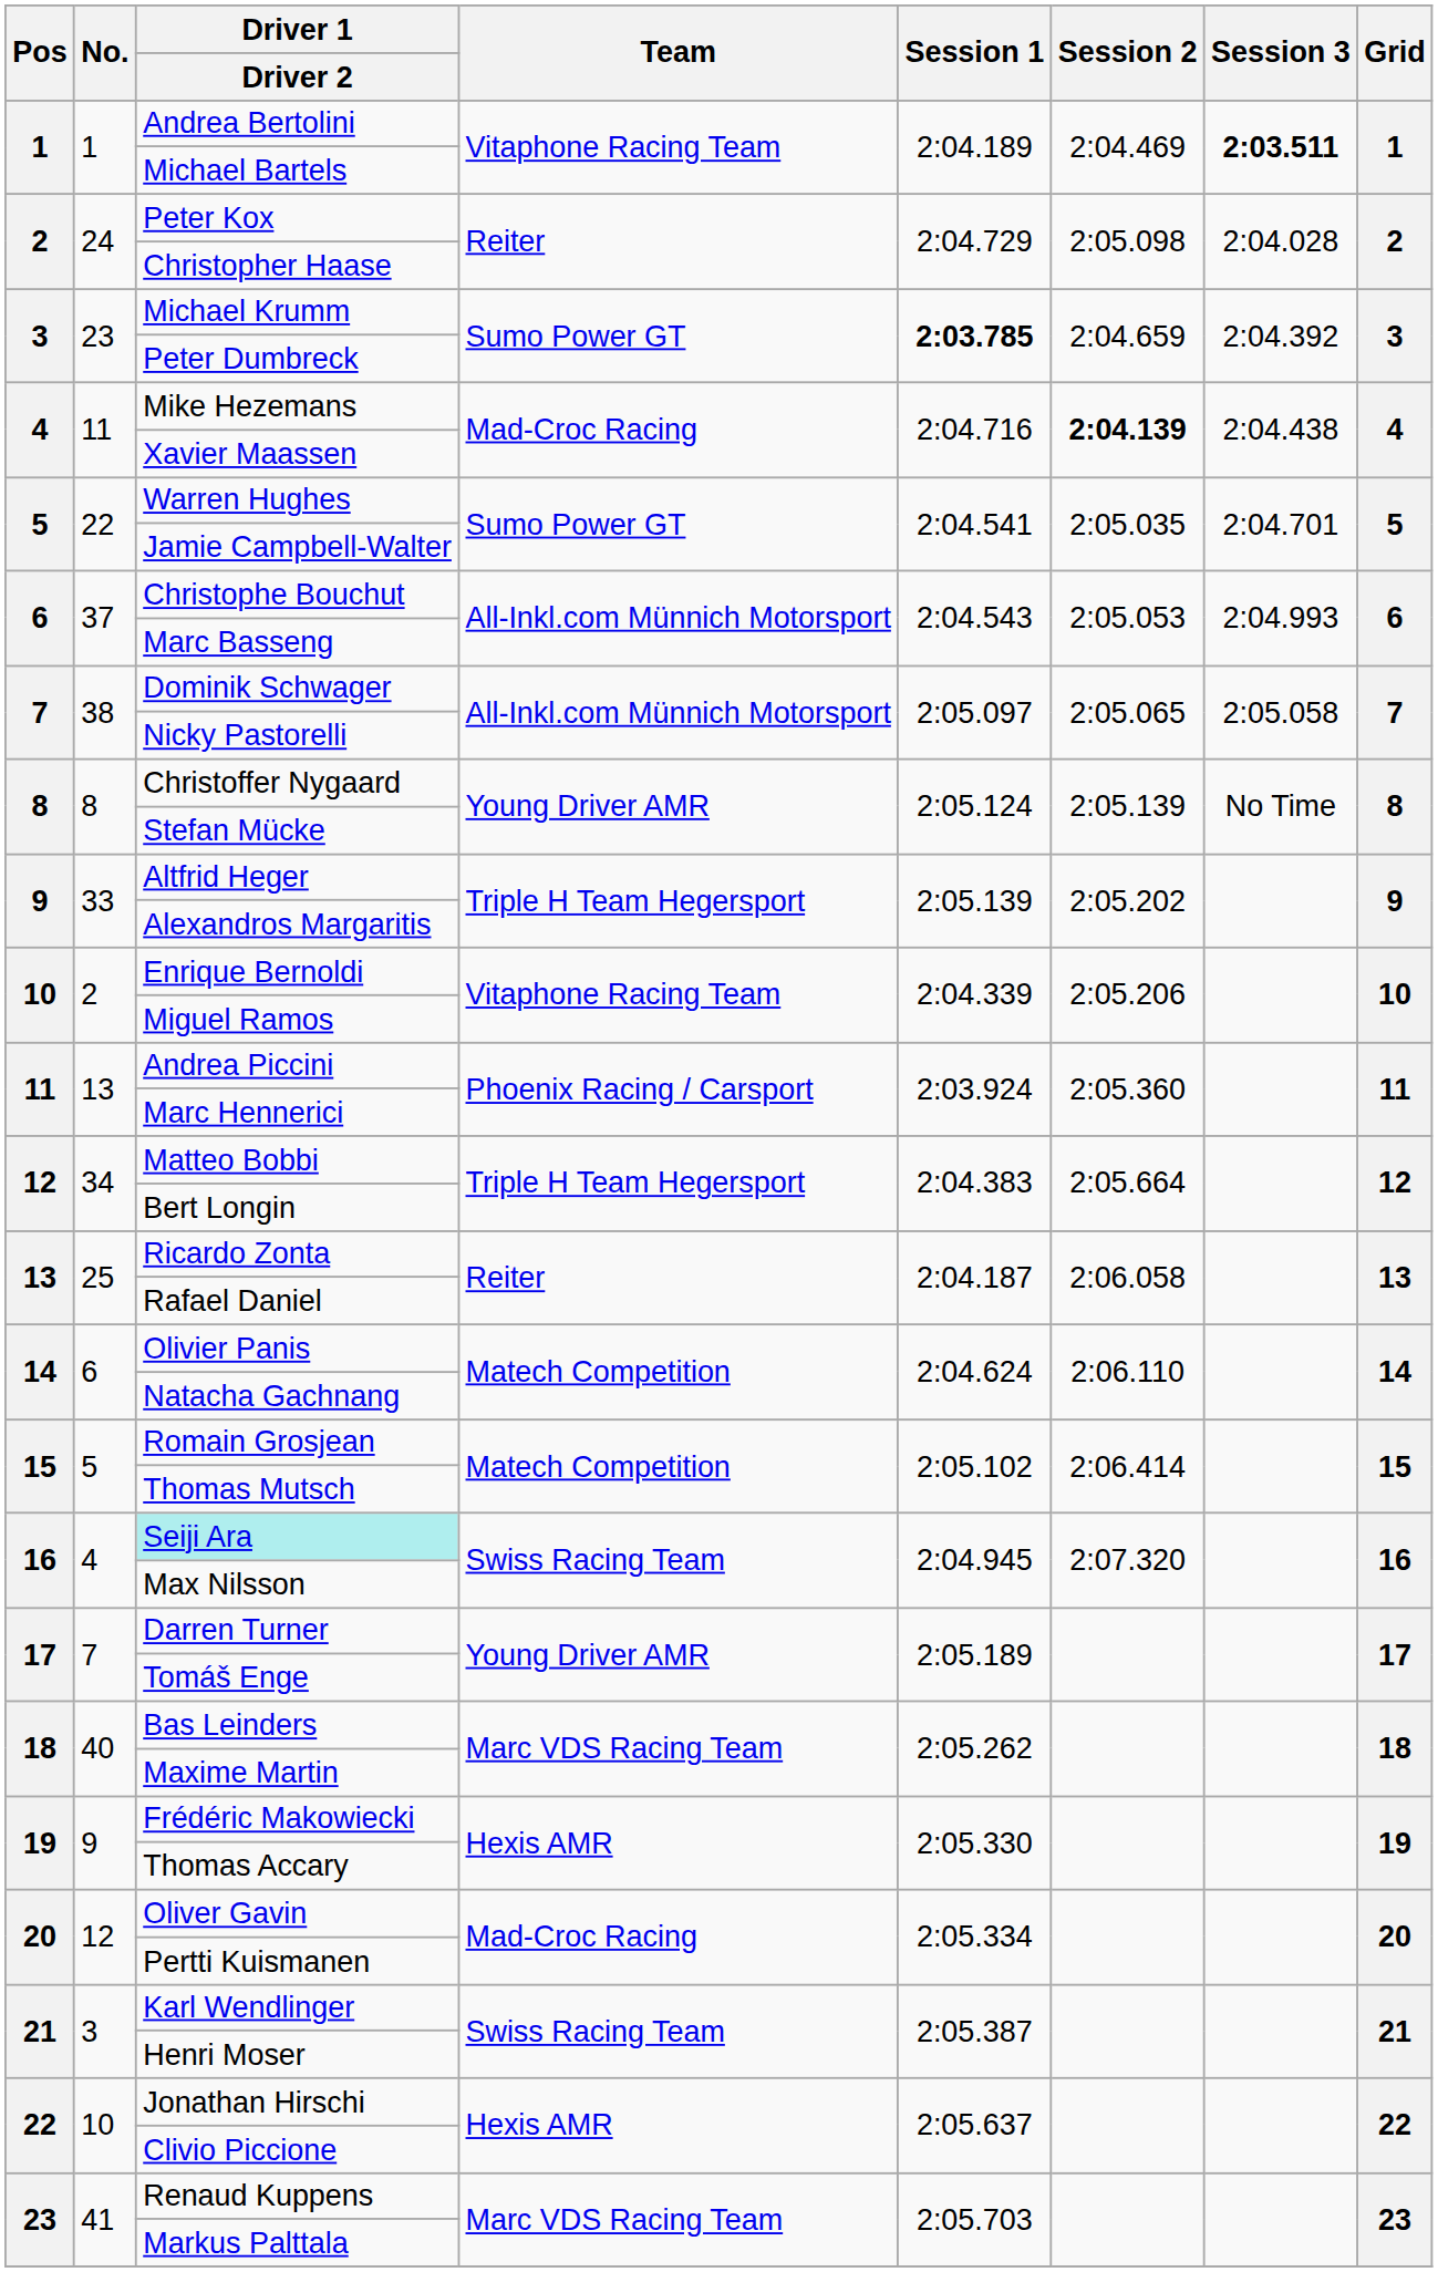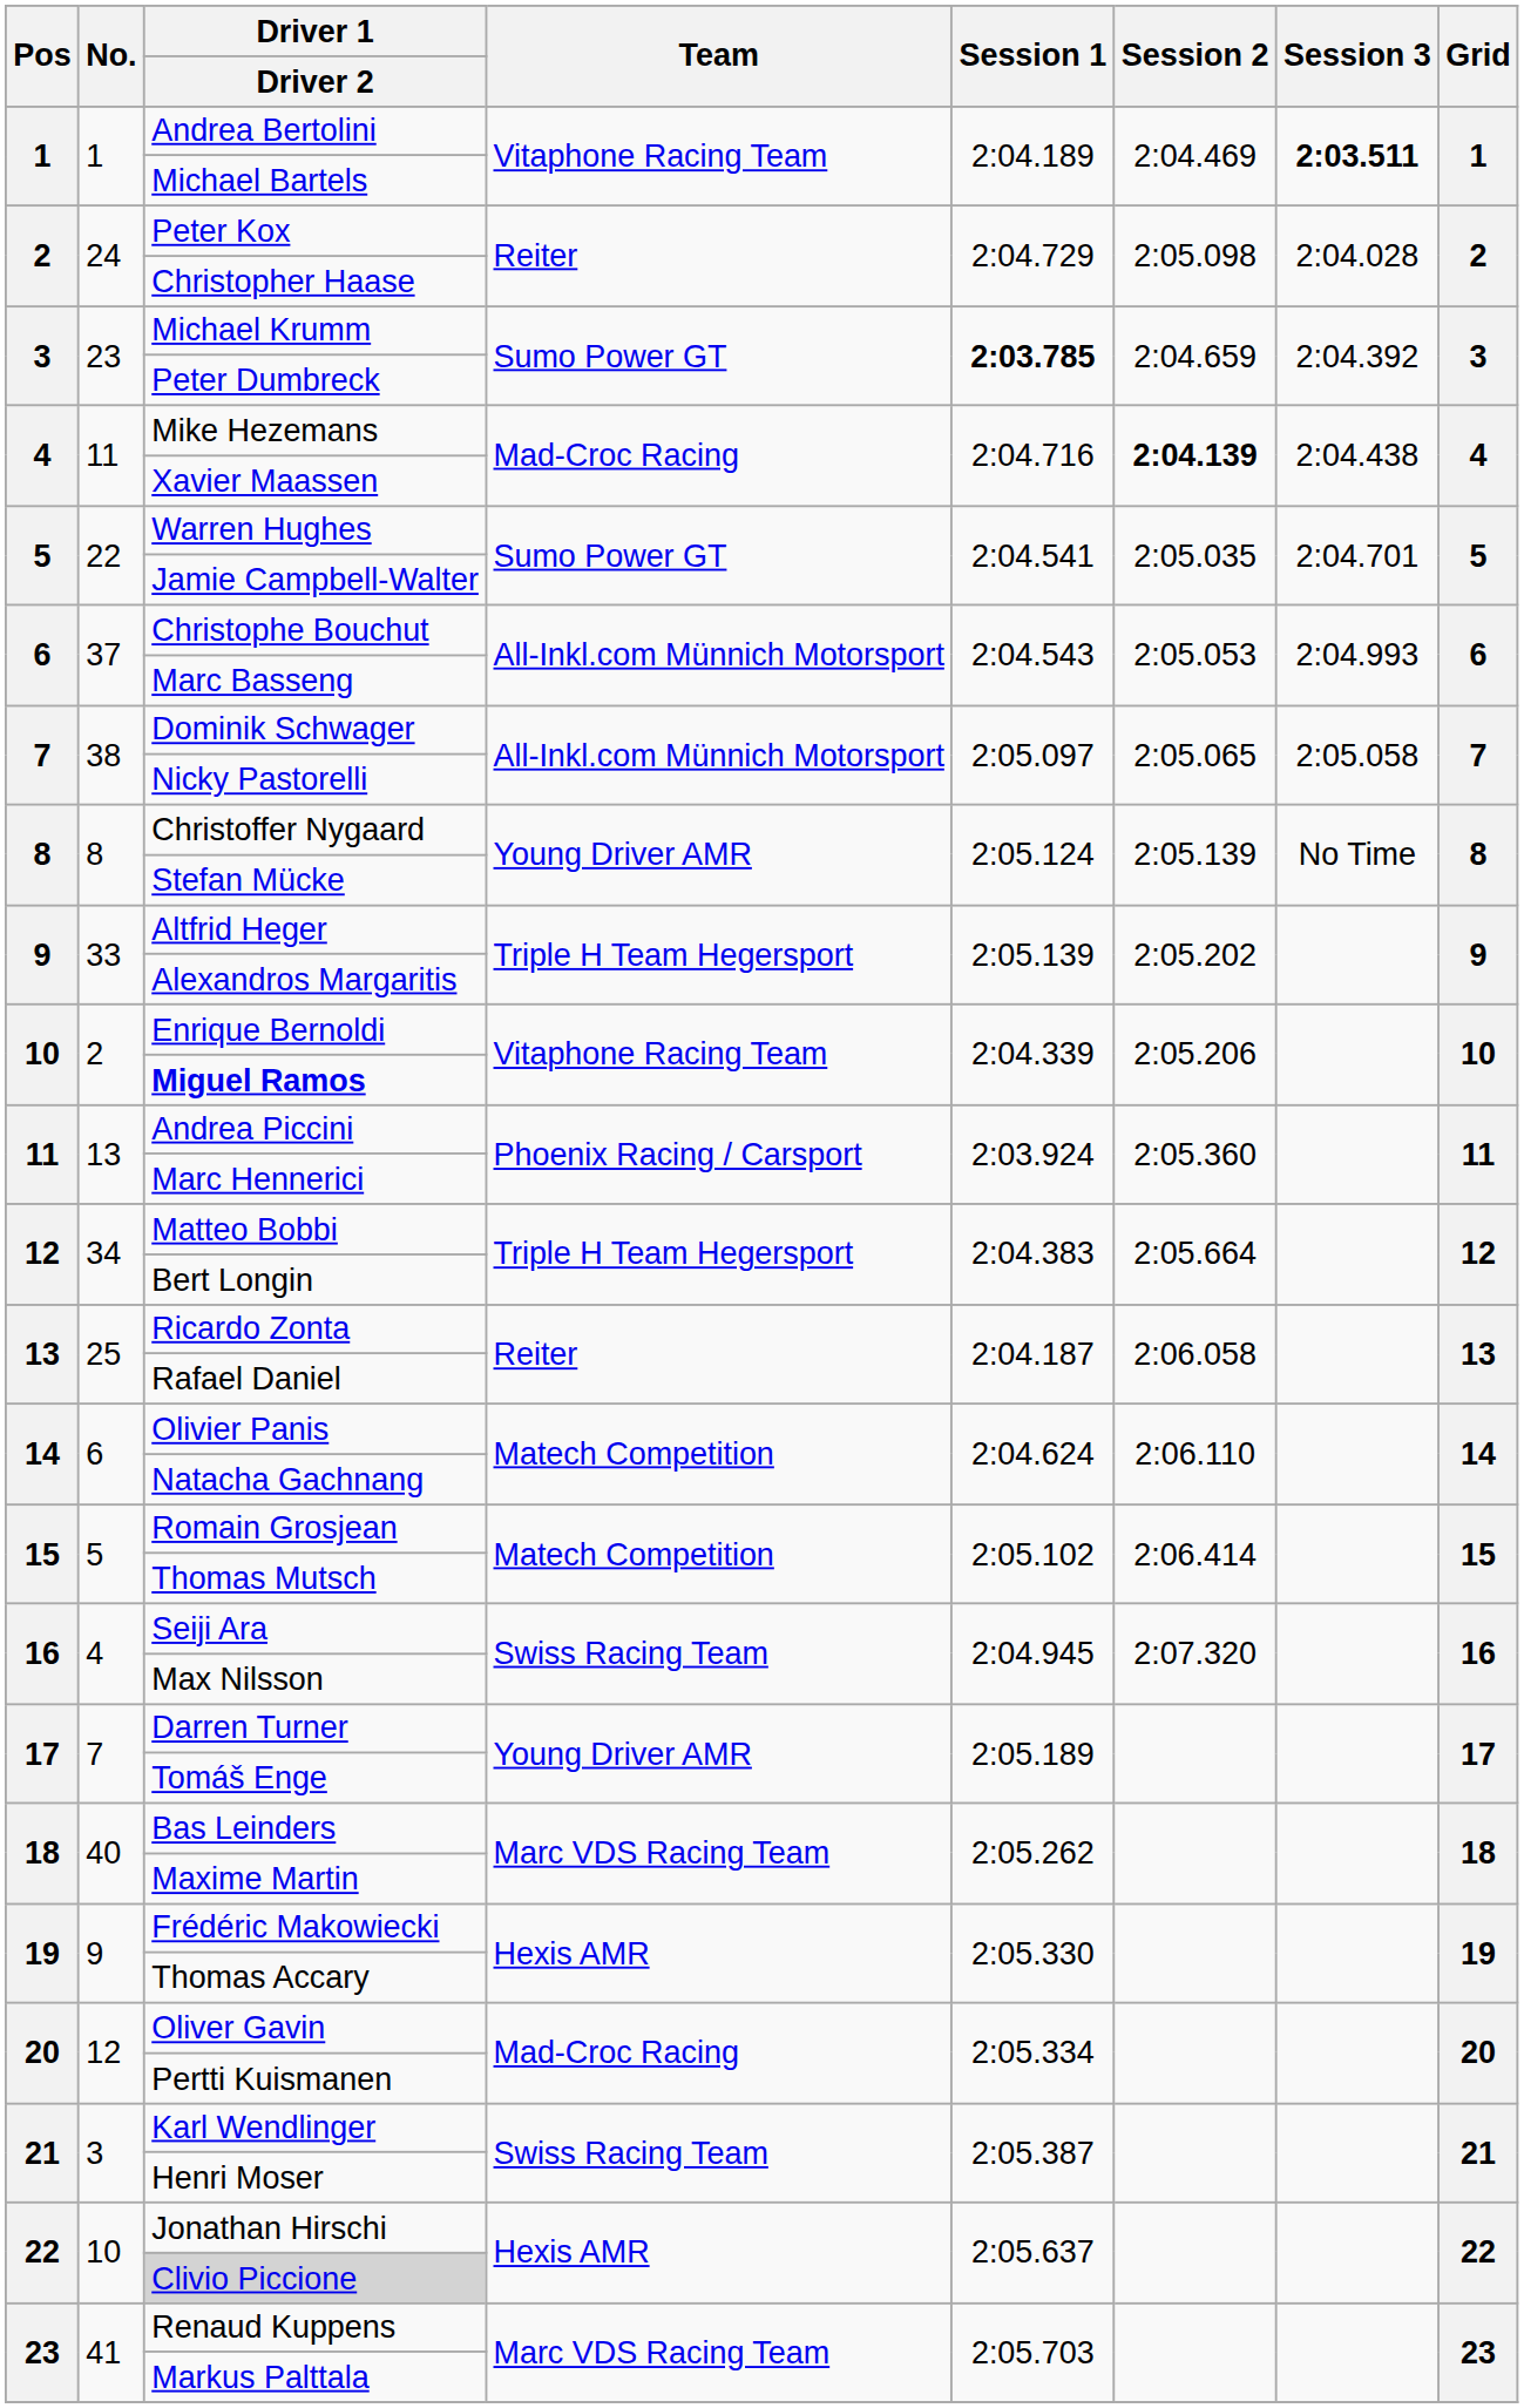 <table class="wikitable" style="font-size: 90%;">
 <tr>
 <th rowspan=2>Pos</th>
 <th rowspan=2>No.</th>
 <th>Driver 1</th>
 <th rowspan=2>Team</th>
 <th rowspan=2>Session 1</th>
 <th rowspan=2>Session 2</th>
 <th rowspan=2>Session 3</th>
 <th rowspan=2>Grid</th>
 </tr>
 <tr>
 <th>Driver 2</th>
 </tr>
 <tr>
 <th rowspan=2>1</th>
 <td rowspan=2>1</td>
 <td> <a href='#'>Andrea Bertolini</a></td>
 <td rowspan=2> <a href='#'>Vitaphone Racing Team</a></td>
 <td rowspan=2 align="center">2:04.189</td>
 <td rowspan=2 align="center">2:04.469</td>
 <td rowspan=2 align="center"><strong>2:03.511</strong></td>
 <th rowspan=2>1</th>
 </tr>
 <tr>
 <td> <a href='#'>Michael Bartels</a></td>
 </tr>
 <tr>
 <th rowspan=2>2</th>
 <td rowspan=2>24</td>
 <td> <a href='#'>Peter Kox</a></td>
 <td rowspan=2> <a href='#'>Reiter</a></td>
 <td rowspan=2 align="center">2:04.729</td>
 <td rowspan=2 align="center">2:05.098</td>
 <td rowspan=2 align="center">2:04.028</td>
 <th rowspan=2>2</th>
 </tr>
 <tr>
 <td> <a href='#'>Christopher Haase</a></td>
 </tr>
 <tr>
 <th rowspan=2>3</th>
 <td rowspan=2>23</td>
 <td> <a href='#'>Michael Krumm</a></td>
 <td rowspan=2> <a href='#'>Sumo Power GT</a></td>
 <td rowspan=2 align="center"><strong>2:03.785</strong></td>
 <td rowspan=2 align="center">2:04.659</td>
 <td rowspan=2 align="center">2:04.392</td>
 <th rowspan=2>3</th>
 </tr>
 <tr>
 <td> <a href='#'>Peter Dumbreck</a></td>
 </tr>
 <tr>
 <th rowspan=2>4</th>
 <td rowspan=2>11</td>
 <td> Mike Hezemans</td>
 <td rowspan=2> <a href='#'>Mad-Croc Racing</a></td>
 <td rowspan=2 align="center">2:04.716</td>
 <td rowspan=2 align="center"><strong>2:04.139</strong></td>
 <td rowspan=2 align="center">2:04.438</td>
 <th rowspan=2>4</th>
 </tr>
 <tr>
 <td> <a href='#'>Xavier Maassen</a></td>
 </tr>
 <tr>
 <th rowspan=2>5</th>
 <td rowspan=2>22</td>
 <td> <a href='#'>Warren Hughes</a></td>
 <td rowspan=2> <a href='#'>Sumo Power GT</a></td>
 <td rowspan=2 align="center">2:04.541</td>
 <td rowspan=2 align="center">2:05.035</td>
 <td rowspan=2 align="center">2:04.701</td>
 <th rowspan=2>5</th>
 </tr>
 <tr>
 <td> <a href='#'>Jamie Campbell-Walter</a></td>
 </tr>
 <tr>
 <th rowspan=2>6</th>
 <td rowspan=2>37</td>
 <td> <a href='#'>Christophe Bouchut</a></td>
 <td rowspan=2> <a href='#'>All-Inkl.com Münnich Motorsport</a></td>
 <td rowspan=2 align="center">2:04.543</td>
 <td rowspan=2 align="center">2:05.053</td>
 <td rowspan=2 align="center">2:04.993</td>
 <th rowspan=2>6</th>
 </tr>
 <tr>
 <td> <a href='#'>Marc Basseng</a></td>
 </tr>
 <tr>
 <th rowspan=2>7</th>
 <td rowspan=2>38</td>
 <td> <a href='#'>Dominik Schwager</a></td>
 <td rowspan=2> <a href='#'>All-Inkl.com Münnich Motorsport</a></td>
 <td rowspan=2 align="center">2:05.097</td>
 <td rowspan=2 align="center">2:05.065</td>
 <td rowspan=2 align="center">2:05.058</td>
 <th rowspan=2>7</th>
 </tr>
 <tr>
 <td> <a href='#'>Nicky Pastorelli</a></td>
 </tr>
 <tr>
 <th rowspan=2>8</th>
 <td rowspan=2>8</td>
 <td> Christoffer Nygaard</td>
 <td rowspan=2> <a href='#'>Young Driver AMR</a></td>
 <td rowspan=2 align="center">2:05.124</td>
 <td rowspan=2 align="center">2:05.139</td>
 <td rowspan=2 align="center">No Time</td>
 <th rowspan=2>8</th>
 </tr>
 <tr>
 <td> <a href='#'>Stefan Mücke</a></td>
 </tr>
 <tr>
 <th rowspan=2>9</th>
 <td rowspan=2>33</td>
 <td> <a href='#'>Altfrid Heger</a></td>
 <td rowspan=2> <a href='#'>Triple H Team Hegersport</a></td>
 <td rowspan=2 align="center">2:05.139</td>
 <td rowspan=2 align="center">2:05.202</td>
 <td rowspan=2 align="center"></td>
 <th rowspan=2>9</th>
 </tr>
 <tr>
 <td> <a href='#'>Alexandros Margaritis</a></td>
 </tr>
 <tr>
 <th rowspan=2>10</th>
 <td rowspan=2>2</td>
 <td> <a href='#'>Enrique Bernoldi</a></td>
 <td rowspan=2> <a href='#'>Vitaphone Racing Team</a></td>
 <td rowspan=2 align="center">2:04.339</td>
 <td rowspan=2 align="center">2:05.206</td>
 <td rowspan=2 align="center"></td>
 <th rowspan=2>10</th>
 </tr>
 <tr>
-<td> <a href='#'>Miguel Ramos</a></td>
+<td><strong> <a href='#'>Miguel Ramos</a></strong></td>
 </tr>
 <tr>
 <th rowspan=2>11</th>
 <td rowspan=2>13</td>
 <td> <a href='#'>Andrea Piccini</a></td>
 <td rowspan=2> <a href='#'>Phoenix Racing / Carsport</a></td>
 <td rowspan=2 align="center">2:03.924</td>
 <td rowspan=2 align="center">2:05.360</td>
 <td rowspan=2 align="center"></td>
 <th rowspan=2>11</th>
 </tr>
 <tr>
 <td> <a href='#'>Marc Hennerici</a></td>
 </tr>
 <tr>
 <th rowspan=2>12</th>
 <td rowspan=2>34</td>
 <td> <a href='#'>Matteo Bobbi</a></td>
 <td rowspan=2> <a href='#'>Triple H Team Hegersport</a></td>
 <td rowspan=2 align="center">2:04.383</td>
 <td rowspan=2 align="center">2:05.664</td>
 <td rowspan=2 align="center"></td>
 <th rowspan=2>12</th>
 </tr>
 <tr>
 <td> Bert Longin</td>
 </tr>
 <tr>
 <th rowspan=2>13</th>
 <td rowspan=2>25</td>
 <td> <a href='#'>Ricardo Zonta</a></td>
 <td rowspan=2> <a href='#'>Reiter</a></td>
 <td rowspan=2 align="center">2:04.187</td>
 <td rowspan=2 align="center">2:06.058</td>
 <td rowspan=2 align="center"></td>
 <th rowspan=2>13</th>
 </tr>
 <tr>
 <td> Rafael Daniel</td>
 </tr>
 <tr>
 <th rowspan=2>14</th>
 <td rowspan=2>6</td>
 <td> <a href='#'>Olivier Panis</a></td>
 <td rowspan=2> <a href='#'>Matech Competition</a></td>
 <td rowspan=2 align="center">2:04.624</td>
 <td rowspan=2 align="center">2:06.110</td>
 <td rowspan=2 align="center"></td>
 <th rowspan=2>14</th>
 </tr>
 <tr>
 <td> <a href='#'>Natacha Gachnang</a></td>
 </tr>
 <tr>
 <th rowspan=2>15</th>
 <td rowspan=2>5</td>
 <td> <a href='#'>Romain Grosjean</a></td>
 <td rowspan=2> <a href='#'>Matech Competition</a></td>
 <td rowspan=2 align="center">2:05.102</td>
 <td rowspan=2 align="center">2:06.414</td>
 <td rowspan=2 align="center"></td>
 <th rowspan=2>15</th>
 </tr>
 <tr>
 <td> <a href='#'>Thomas Mutsch</a></td>
 </tr>
 <tr>
 <th rowspan=2>16</th>
 <td rowspan=2>4</td>
-<td style="background: paleturquoise;"> <a href='#'>Seiji Ara</a></td>
+<td> <a href='#'>Seiji Ara</a></td>
 <td rowspan=2> <a href='#'>Swiss Racing Team</a></td>
 <td rowspan=2 align="center">2:04.945</td>
 <td rowspan=2 align="center">2:07.320</td>
 <td rowspan=2 align="center"></td>
 <th rowspan=2>16</th>
 </tr>
 <tr>
 <td> Max Nilsson</td>
 </tr>
 <tr>
 <th rowspan=2>17</th>
 <td rowspan=2>7</td>
 <td> <a href='#'>Darren Turner</a></td>
 <td rowspan=2> <a href='#'>Young Driver AMR</a></td>
 <td rowspan=2 align="center">2:05.189</td>
 <td rowspan=2 align="center"></td>
 <td rowspan=2 align="center"></td>
 <th rowspan=2>17</th>
 </tr>
 <tr>
 <td> <a href='#'>Tomáš Enge</a></td>
 </tr>
 <tr>
 <th rowspan=2>18</th>
 <td rowspan=2>40</td>
 <td> <a href='#'>Bas Leinders</a></td>
 <td rowspan=2> <a href='#'>Marc VDS Racing Team</a></td>
 <td rowspan=2 align="center">2:05.262</td>
 <td rowspan=2 align="center"></td>
 <td rowspan=2 align="center"></td>
 <th rowspan=2>18</th>
 </tr>
 <tr>
 <td> <a href='#'>Maxime Martin</a></td>
 </tr>
 <tr>
 <th rowspan=2>19</th>
 <td rowspan=2>9</td>
 <td> <a href='#'>Frédéric Makowiecki</a></td>
 <td rowspan=2> <a href='#'>Hexis AMR</a></td>
 <td rowspan=2 align="center">2:05.330</td>
 <td rowspan=2 align="center"></td>
 <td rowspan=2 align="center"></td>
 <th rowspan=2>19</th>
 </tr>
 <tr>
 <td> Thomas Accary</td>
 </tr>
 <tr>
 <th rowspan=2>20</th>
 <td rowspan=2>12</td>
 <td> <a href='#'>Oliver Gavin</a></td>
 <td rowspan=2> <a href='#'>Mad-Croc Racing</a></td>
 <td rowspan=2 align="center">2:05.334</td>
 <td rowspan=2 align="center"></td>
 <td rowspan=2 align="center"></td>
 <th rowspan=2>20</th>
 </tr>
 <tr>
 <td> Pertti Kuismanen</td>
 </tr>
 <tr>
 <th rowspan=2>21</th>
 <td rowspan=2>3</td>
 <td> <a href='#'>Karl Wendlinger</a></td>
 <td rowspan=2> <a href='#'>Swiss Racing Team</a></td>
 <td rowspan=2 align="center">2:05.387</td>
 <td rowspan=2 align="center"></td>
 <td rowspan=2 align="center"></td>
 <th rowspan=2>21</th>
 </tr>
 <tr>
 <td> Henri Moser</td>
 </tr>
 <tr>
 <th rowspan=2>22</th>
 <td rowspan=2>10</td>
 <td> Jonathan Hirschi</td>
 <td rowspan=2> <a href='#'>Hexis AMR</a></td>
 <td rowspan=2 align="center">2:05.637</td>
 <td rowspan=2 align="center"></td>
 <td rowspan=2 align="center"></td>
 <th rowspan=2>22</th>
 </tr>
 <tr>
-<td> <a href='#'>Clivio Piccione</a></td>
+<td style="background: lightgrey;"> <a href='#'>Clivio Piccione</a></td>
 </tr>
 <tr>
 <th rowspan=2>23</th>
 <td rowspan=2>41</td>
 <td> Renaud Kuppens</td>
 <td rowspan=2> <a href='#'>Marc VDS Racing Team</a></td>
 <td rowspan=2 align="center">2:05.703</td>
 <td rowspan=2 align="center"></td>
 <td rowspan=2 align="center"></td>
 <th rowspan=2>23</th>
 </tr>
 <tr>
 <td> <a href='#'>Markus Palttala</a></td>
 </tr>
 <tr>
 </tr>
 </table>
